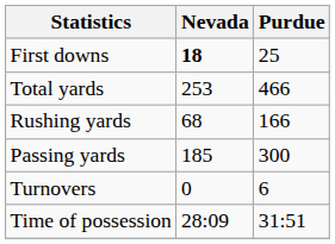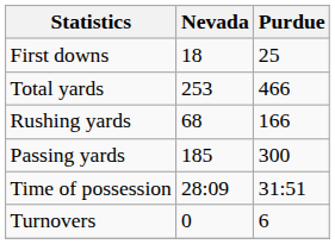 <table class="wikitable">
 <tr>
 <th>Statistics</th>
 <th>Nevada</th>
 <th>Purdue</th>
 </tr>
 <tr>
 <td>First downs</td>
-<td><strong>18</strong></td>
+<td>18</td>
 <td>25</td>
 </tr>
 <tr>
 <td>Total yards</td>
 <td>253</td>
 <td>466</td>
 </tr>
 <tr>
 <td>Rushing yards</td>
 <td>68</td>
 <td>166</td>
 </tr>
 <tr>
 <td>Passing yards</td>
 <td>185</td>
 <td>300</td>
 </tr>
 <tr>
+<td>Time of possession</td>
+<td>28:09</td>
+<td>31:51</td>
+</tr>
+<tr>
 <td>Turnovers</td>
 <td>0</td>
 <td>6</td>
 </tr>
 <tr>
-<td>Time of possession</td>
-<td>28:09</td>
-<td>31:51</td>
-</tr>
-<tr>
 </tr>
 </table>
